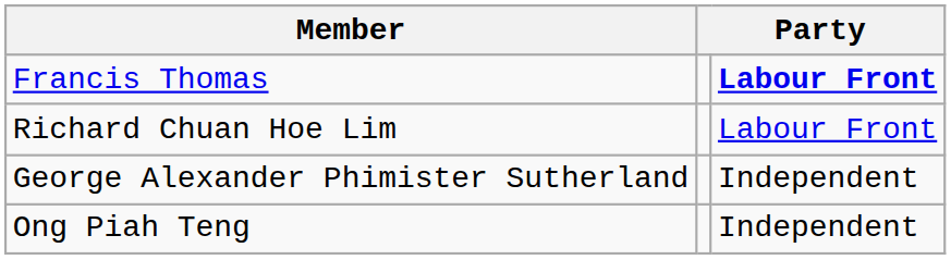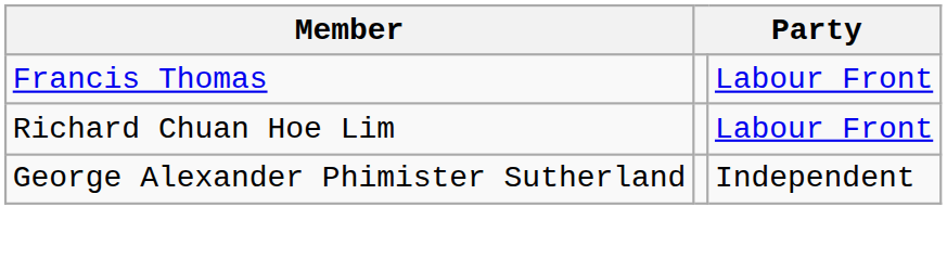 <table class="wikitable sortable">
 <tr>
 <th>Member</th>
 <th colspan="2">Party</th>
 </tr>
 <tr>
 <td><a href='#'>Francis Thomas</a></td>
 <td></td>
-<td><strong><a href='#'>Labour Front</a></strong></td>
+<td><a href='#'>Labour Front</a></td>
 </tr>
 <tr>
 <td>Richard Chuan Hoe Lim</td>
 <td></td>
 <td><a href='#'>Labour Front</a></td>
 </tr>
 <tr>
 <td>George Alexander Phimister Sutherland</td>
 <td></td>
 <td>Independent</td>
 </tr>
-<tr>
-<td>Ong Piah Teng</td>
-<td></td>
-<td>Independent</td>
-</tr>
 </table>
